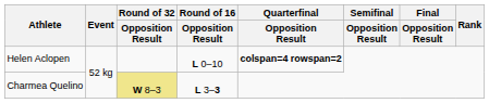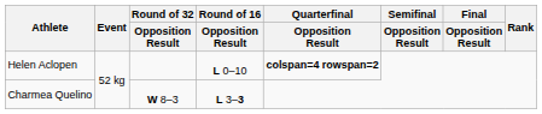 <table class=wikitable style="text-align:center; font-size:90%">
 <tr>
 <th rowspan=2>Athlete</th>
 <th rowspan=2>Event</th>
 <th>Round of 32</th>
 <th>Round of 16</th>
 <th>Quarterfinal</th>
 <th>Semifinal</th>
 <th>Final</th>
 <th rowspan=2>Rank</th>
 </tr>
 <tr>
 <th>Opposition<br>Result</th>
 <th>Opposition<br>Result</th>
 <th>Opposition<br>Result</th>
 <th>Opposition<br>Result</th>
 <th>Opposition<br>Result</th>
 </tr>
 <tr>
 <td align=left>Helen Aclopen</td>
 <td rowspan=2>52 kg</td>
 <td></td>
 <td><br><strong>L</strong> 0–10</td>
 <td><strong>colspan=4 rowspan=2 </strong></td>
 </tr>
 <tr>
 <td align=left>Charmea Quelino</td>
-<td style="background: khaki;"><br><strong>W</strong> 8–3</td>
+<td><br><strong>W</strong> 8–3</td>
 <td><br><strong>L</strong> 3–<strong>3</strong></td>
 </tr>
 </table>
